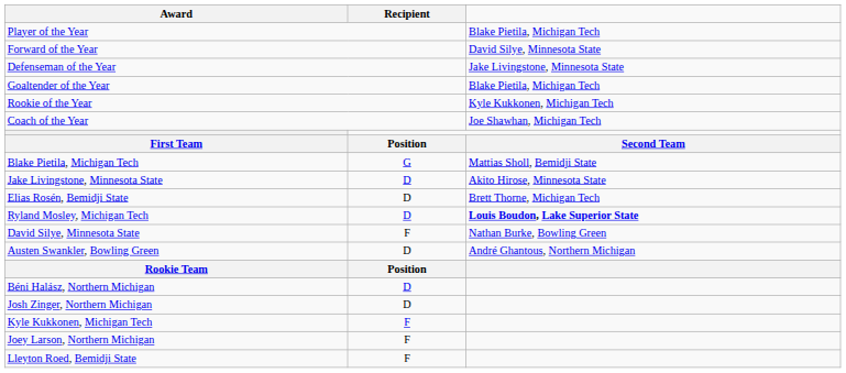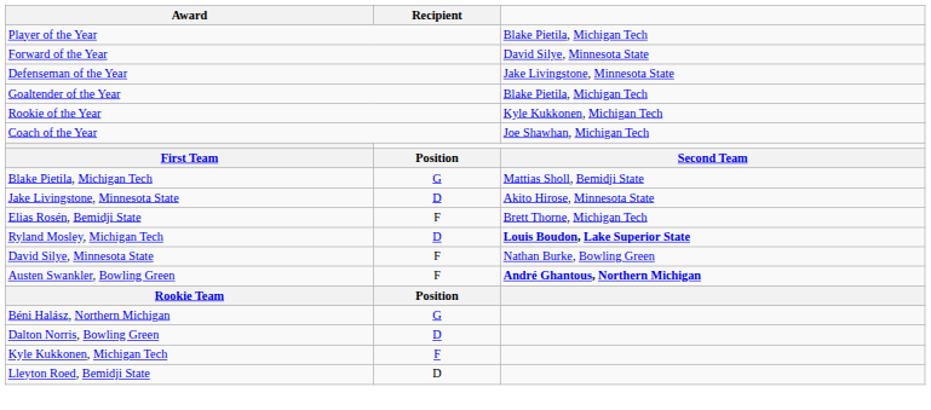 <table class="wikitable" width=75%>
 <tr>
 <th>Award</th>
 <th>Recipient</th>
 </tr>
 <tr>
 <td colspan=2><a href='#'>Player of the Year</a></td>
 <td><a href='#'>Blake Pietila</a>, <a href='#'>Michigan Tech</a></td>
 </tr>
 <tr>
 <td colspan=2><a href='#'>Forward of the Year</a></td>
 <td><a href='#'>David Silye</a>, <a href='#'>Minnesota State</a></td>
 </tr>
 <tr>
 <td colspan=2><a href='#'>Defenseman of the Year</a></td>
 <td><a href='#'>Jake Livingstone</a>, <a href='#'>Minnesota State</a></td>
 </tr>
 <tr>
 <td colspan=2><a href='#'>Goaltender of the Year</a></td>
 <td><a href='#'>Blake Pietila</a>, <a href='#'>Michigan Tech</a></td>
 </tr>
 <tr>
 <td colspan=2><a href='#'>Rookie of the Year</a></td>
 <td><a href='#'>Kyle Kukkonen</a>, <a href='#'>Michigan Tech</a></td>
 </tr>
 <tr>
 <td colspan=2><a href='#'>Coach of the Year</a></td>
 <td><a href='#'>Joe Shawhan</a>, <a href='#'>Michigan Tech</a><br></td>
 </tr>
 <tr>
 <th><a href='#'></a></th>
 </tr>
 <tr>
 <th><a href='#'>First Team</a></th>
 <th>  Position  </th>
 <th><a href='#'>Second Team</a></th>
 </tr>
 <tr>
 <td><a href='#'>Blake Pietila</a>, <a href='#'>Michigan Tech</a></td>
 <td align=center><a href='#'>G</a></td>
 <td><a href='#'>Mattias Sholl</a>, <a href='#'>Bemidji State</a></td>
 </tr>
 <tr>
 <td><a href='#'>Jake Livingstone</a>, <a href='#'>Minnesota State</a></td>
 <td align=center><a href='#'>D</a></td>
 <td><a href='#'>Akito Hirose</a>, <a href='#'>Minnesota State</a></td>
 </tr>
 <tr>
 <td><a href='#'>Elias Rosén</a>, <a href='#'>Bemidji State</a></td>
-<td align=center>D</td>
+<td align=center>F</td>
 <td><a href='#'>Brett Thorne</a>, <a href='#'>Michigan Tech</a></td>
 </tr>
 <tr>
 <td><a href='#'>Ryland Mosley</a>, <a href='#'>Michigan Tech</a></td>
 <td align=center><a href='#'>D</a></td>
 <td><strong><a href='#'>Louis Boudon</a>, <a href='#'>Lake Superior State</a></strong></td>
 </tr>
 <tr>
 <td><a href='#'>David Silye</a>, <a href='#'>Minnesota State</a></td>
 <td align=center>F</td>
 <td><a href='#'>Nathan Burke</a>, <a href='#'>Bowling Green</a></td>
 </tr>
 <tr>
 <td><a href='#'>Austen Swankler</a>, <a href='#'>Bowling Green</a></td>
-<td align=center>D</td>
-<td><a href='#'>André Ghantous</a>, <a href='#'>Northern Michigan</a></td>
+<td align=center>F</td>
+<td><strong><a href='#'>André Ghantous</a>, <a href='#'>Northern Michigan</a></strong></td>
 </tr>
 <tr>
 <th><a href='#'>Rookie Team</a></th>
 <th>  Position  </th>
 <th></th>
 </tr>
 <tr>
 <td><a href='#'>Béni Halász</a>, <a href='#'>Northern Michigan</a></td>
-<td align=center><a href='#'>D</a></td>
+<td align=center><a href='#'>G</a></td>
 <td></td>
 </tr>
 <tr>
-<td><a href='#'>Josh Zinger</a>, <a href='#'>Northern Michigan</a></td>
-<td align=center>D</td>
+<td><a href='#'>Dalton Norris</a>, <a href='#'>Bowling Green</a></td>
+<td align=center><a href='#'>D</a></td>
 <td></td>
 </tr>
 <tr>
 <td><a href='#'>Kyle Kukkonen</a>, <a href='#'>Michigan Tech</a></td>
 <td align=center><a href='#'>F</a></td>
 <td></td>
 </tr>
 <tr>
-<td><a href='#'>Joey Larson</a>, <a href='#'>Northern Michigan</a></td>
-<td align=center>F</td>
-<td></td>
-</tr>
-<tr>
 <td><a href='#'>Lleyton Roed</a>, <a href='#'>Bemidji State</a></td>
-<td align=center>F</td>
+<td align=center>D</td>
 <td></td>
 </tr>
 </table>
